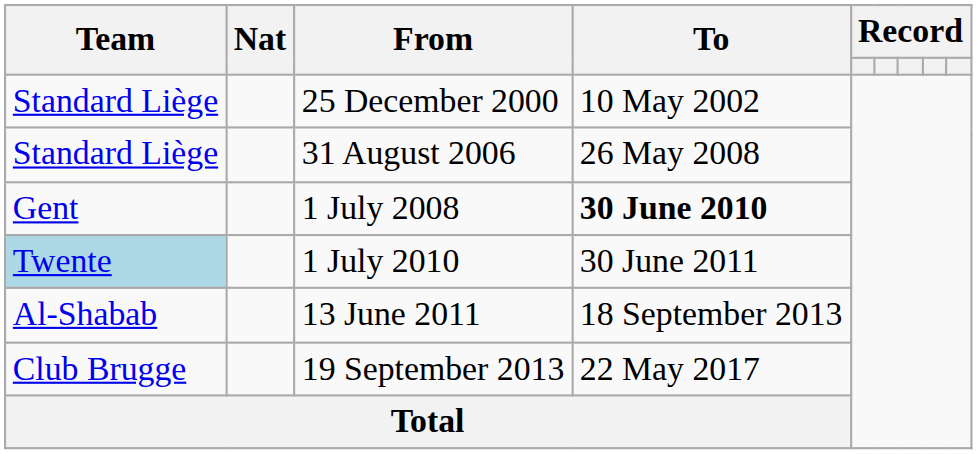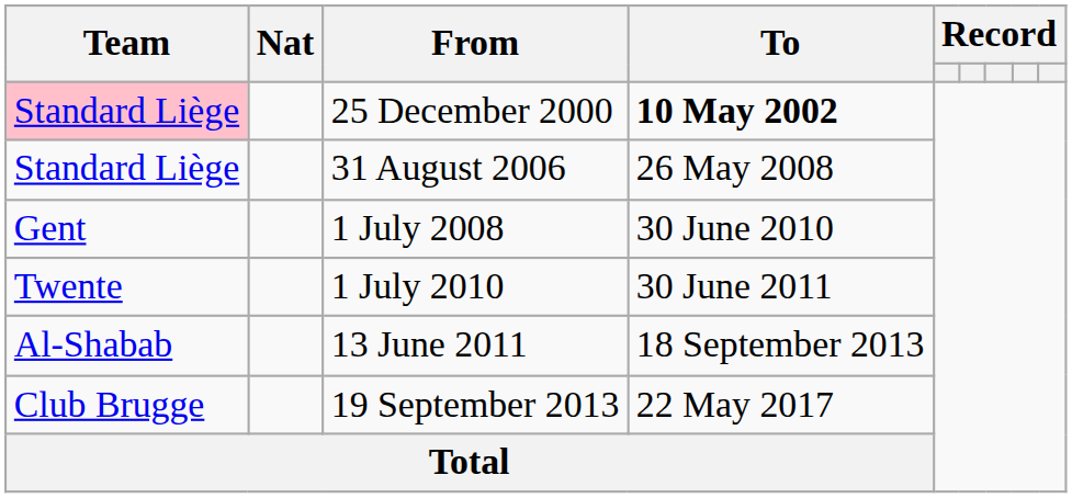 <table class=wikitable style="text-align: center">
 <tr>
 <th rowspan="2">Team</th>
 <th rowspan="2">Nat</th>
 <th rowspan="2">From</th>
 <th rowspan="2">To</th>
 <th colspan="8">Record</th>
 </tr>
 <tr>
 <th></th>
 <th></th>
 <th></th>
 <th></th>
 <th></th>
 </tr>
 <tr>
-<td align=left><a href='#'>Standard Liège</a></td>
+<td align=left style="background: pink;"><a href='#'>Standard Liège</a></td>
 <td></td>
 <td align=left>25 December 2000</td>
-<td align=left>10 May 2002<br></td>
+<td align=left><strong>10 May 2002<br></strong></td>
 </tr>
 <tr>
 <td align=left><a href='#'>Standard Liège</a></td>
 <td></td>
 <td align=left>31 August 2006</td>
 <td align=left>26 May 2008<br></td>
 </tr>
 <tr>
 <td align=left><a href='#'>Gent</a></td>
 <td></td>
 <td align=left>1 July 2008</td>
-<td align=left><strong>30 June 2010<br></strong></td>
+<td align=left>30 June 2010<br></td>
 </tr>
 <tr>
-<td align=left style="background: lightblue;"><a href='#'>Twente</a></td>
+<td align=left><a href='#'>Twente</a></td>
 <td></td>
 <td align=left>1 July 2010</td>
 <td align=left>30 June 2011<br></td>
 </tr>
 <tr>
 <td align=left><a href='#'>Al-Shabab</a></td>
 <td></td>
 <td align=left>13 June 2011</td>
 <td align=left>18 September 2013<br></td>
 </tr>
 <tr>
 <td align=left><a href='#'>Club Brugge</a></td>
 <td></td>
 <td align=left>19 September 2013</td>
 <td align=left>22 May 2017<br></td>
 </tr>
 <tr>
 <th colspan=4>Total<br></th>
 </tr>
 </table>
